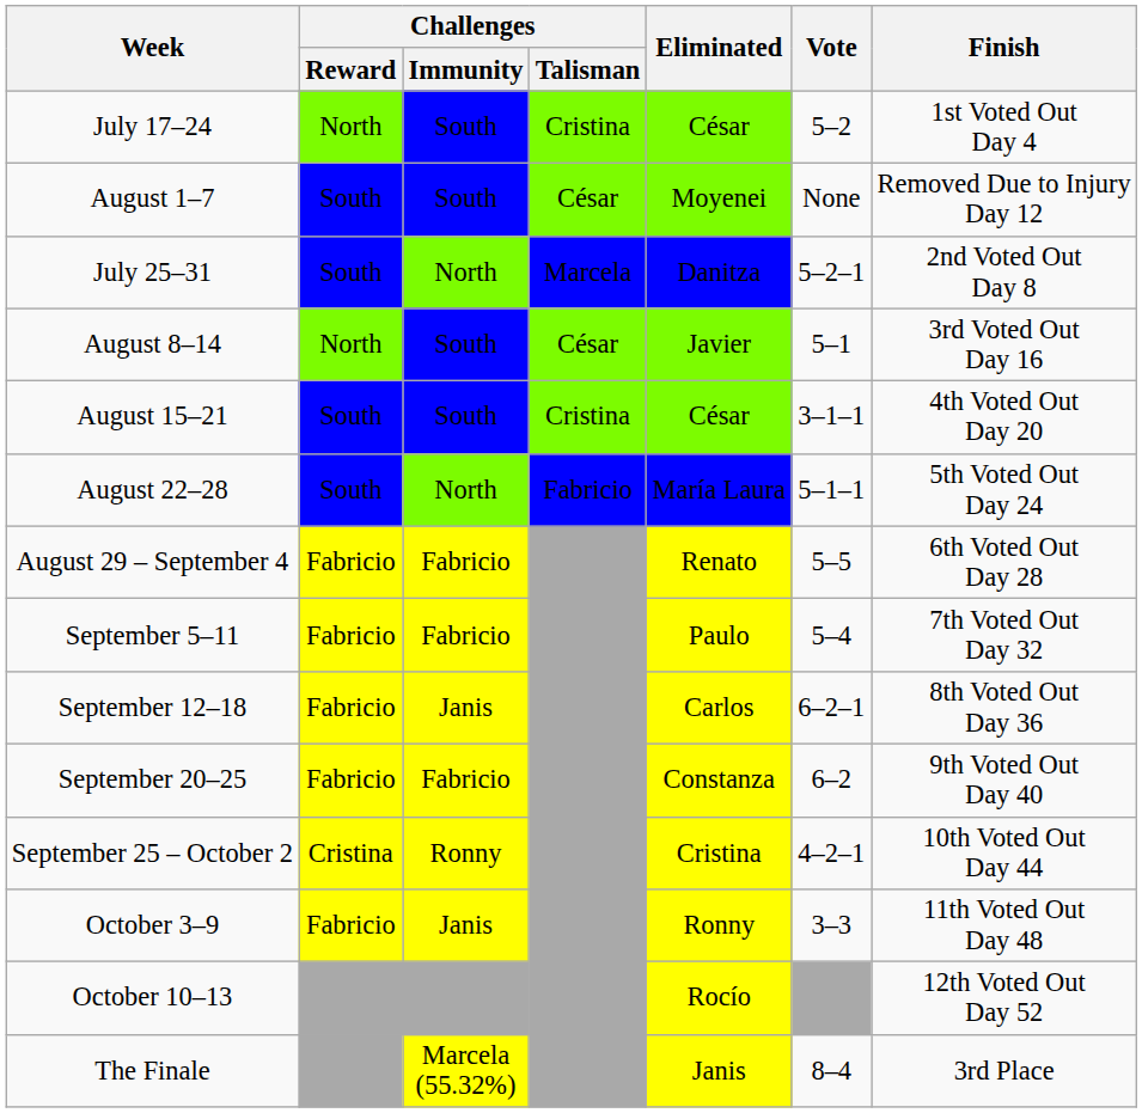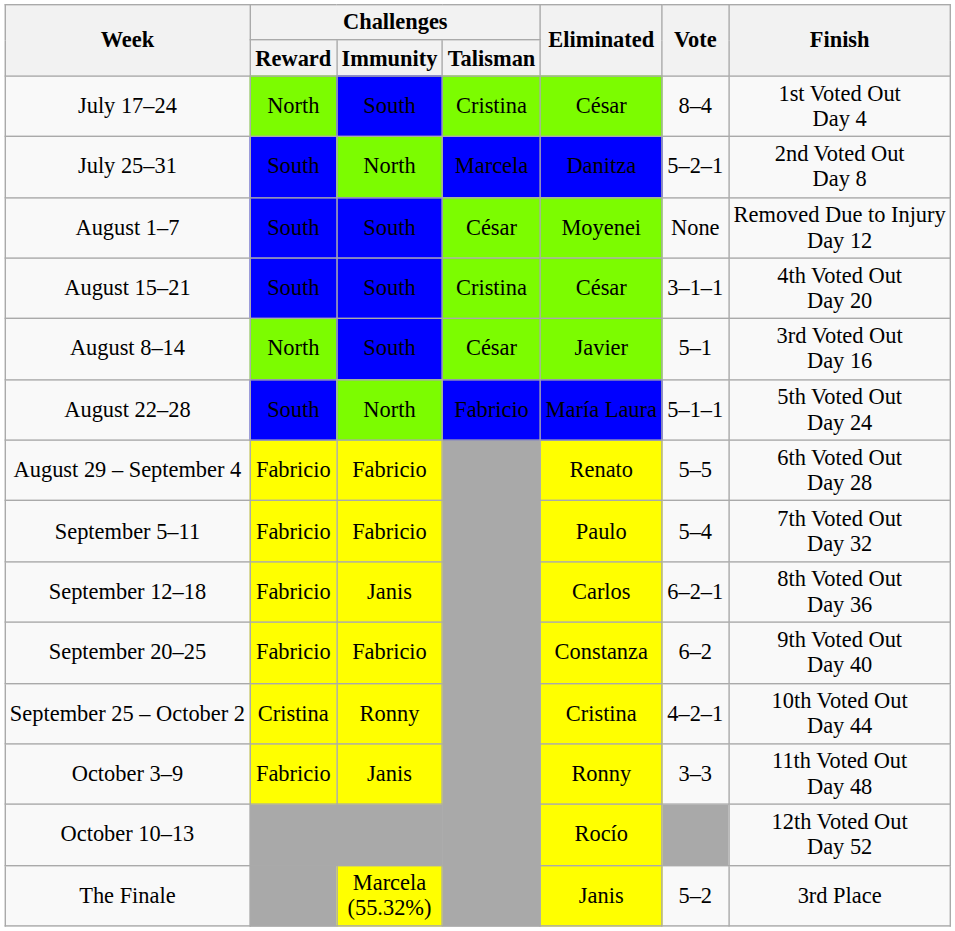 <table class="wikitable" style="margin:auto; text-align:center">
 <tr>
 <th rowspan="2">Week</th>
 <th colspan="3">Challenges</th>
 <th rowspan="2">Eliminated</th>
 <th rowspan="2">Vote</th>
 <th rowspan="2">Finish</th>
 </tr>
 <tr>
 <th>Reward</th>
 <th>Immunity</th>
 <th>Talisman</th>
 </tr>
 <tr>
 <td>July 17–24</td>
 <td style="background:#7CFC00">North</td>
 <td style="background:blue"><span>South</span></td>
 <td style="background:#7CFC00">Cristina</td>
 <td style="background:#7CFC00">César</td>
-<td>5–2</td>
+<td>8–4</td>
 <td>1st Voted Out<br>Day 4</td>
+</tr>
+<tr>
+<td>July 25–31</td>
+<td style="background:blue"><span>South</span></td>
+<td style="background:#7CFC00">North</td>
+<td style="background:blue"><span>Marcela</span></td>
+<td style="background:blue"><span>Danitza</span></td>
+<td>5–2–1</td>
+<td>2nd Voted Out<br>Day 8</td>
 </tr>
 <tr>
 <td>August 1–7</td>
 <td style="background:blue"><span>South</span></td>
 <td style="background:blue"><span>South</span></td>
 <td style="background:#7CFC00">César</td>
 <td style="background:#7CFC00">Moyenei</td>
 <td>None</td>
 <td>Removed Due to Injury<br>Day 12</td>
 </tr>
 <tr>
-<td>July 25–31</td>
+<td>August 15–21</td>
 <td style="background:blue"><span>South</span></td>
-<td style="background:#7CFC00">North</td>
-<td style="background:blue"><span>Marcela</span></td>
-<td style="background:blue"><span>Danitza</span></td>
-<td>5–2–1</td>
-<td>2nd Voted Out<br>Day 8</td>
+<td style="background:blue"><span>South</span></td>
+<td style="background:#7CFC00">Cristina</td>
+<td style="background:#7CFC00">César</td>
+<td>3–1–1</td>
+<td>4th Voted Out<br>Day 20</td>
 </tr>
 <tr>
 <td>August 8–14</td>
 <td style="background:#7CFC00">North</td>
 <td style="background:blue"><span>South</span></td>
 <td style="background:#7CFC00">César</td>
 <td style="background:#7CFC00">Javier</td>
 <td>5–1</td>
 <td>3rd Voted Out<br>Day 16</td>
-</tr>
-<tr>
-<td>August 15–21</td>
-<td style="background:blue"><span>South</span></td>
-<td style="background:blue"><span>South</span></td>
-<td style="background:#7CFC00">Cristina</td>
-<td style="background:#7CFC00">César</td>
-<td>3–1–1</td>
-<td>4th Voted Out<br>Day 20</td>
 </tr>
 <tr>
 <td>August 22–28</td>
 <td style="background:blue"><span>South</span></td>
 <td style="background:#7CFC00">North</td>
 <td style="background:blue"><span>Fabricio</span></td>
 <td style="background:blue"><span>María Laura</span></td>
 <td>5–1–1</td>
 <td>5th Voted Out<br>Day 24</td>
 </tr>
 <tr>
 <td>August 29 – September 4</td>
 <td style="background:yellow">Fabricio</td>
 <td style="background:yellow">Fabricio</td>
 <td rowspan="8" bgcolor="darkgray"></td>
 <td style="background:yellow">Renato</td>
 <td>5–5</td>
 <td>6th Voted Out<br>Day 28</td>
 </tr>
 <tr>
 <td>September 5–11</td>
 <td style="background:yellow">Fabricio</td>
 <td style="background:yellow">Fabricio</td>
 <td style="background:yellow">Paulo</td>
 <td>5–4</td>
 <td>7th Voted Out<br>Day 32</td>
 </tr>
 <tr>
 <td>September 12–18</td>
 <td style="background:yellow">Fabricio</td>
 <td style="background:yellow">Janis</td>
 <td style="background:yellow">Carlos</td>
 <td>6–2–1</td>
 <td>8th Voted Out<br>Day 36</td>
 </tr>
 <tr>
 <td>September 20–25</td>
 <td style="background:yellow">Fabricio</td>
 <td style="background:yellow">Fabricio</td>
 <td style="background:yellow">Constanza</td>
 <td>6–2</td>
 <td>9th Voted Out<br>Day 40</td>
 </tr>
 <tr>
 <td>September 25 – October 2</td>
 <td style="background:yellow">Cristina</td>
 <td style="background:yellow">Ronny</td>
 <td style="background:yellow">Cristina</td>
 <td>4–2–1</td>
 <td>10th Voted Out<br>Day 44</td>
 </tr>
 <tr>
 <td>October 3–9</td>
 <td style="background:yellow">Fabricio</td>
 <td style="background:yellow">Janis</td>
 <td style="background:yellow">Ronny</td>
 <td>3–3</td>
 <td>11th Voted Out<br>Day 48</td>
 </tr>
 <tr>
 <td>October 10–13</td>
 <td colspan="2" bgcolor="darkgray"></td>
 <td style="background:yellow">Rocío</td>
 <td bgcolor="darkgray"></td>
 <td>12th Voted Out<br>Day 52</td>
 </tr>
 <tr>
 <td>The Finale</td>
 <td bgcolor="darkgray"></td>
 <td style="background:yellow">Marcela<br>(55.32%)</td>
 <td style="background:yellow">Janis</td>
-<td>8–4</td>
+<td>5–2</td>
 <td>3rd Place</td>
 </tr>
 </table>
